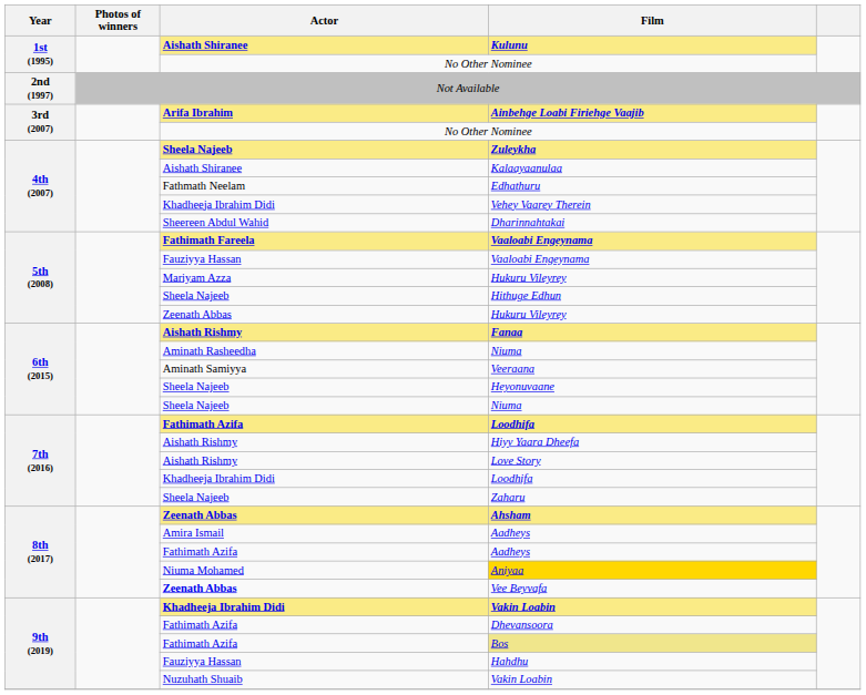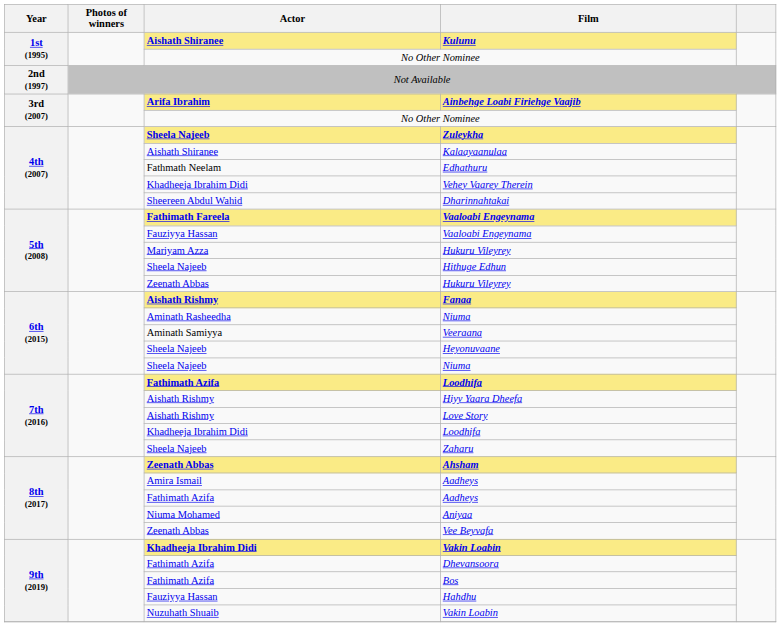 <table class="wikitable sortable" style="width:75%; text-align:left;">
 <tr>
 <th scope="col" style="width:3%; text-align:center;">Year</th>
 <th scope="col" style="width:3%;text-align:center;">Photos of winners</th>
 <th scope="col" style="width:15%;text-align:center;">Actor</th>
 <th scope="col" style="width:15%;text-align:center;">Film</th>
 <th scope="col" style="width:2%" class="unsortable"></th>
 </tr>
 <tr>
 <th scope="row" rowspan=2 style="text-align:center"><a href='#'>1st</a><br><small>(1995)</small></th>
 <td rowspan=2 style="text-align:center"></td>
 <td style="background:#FAEB86;"><strong><a href='#'>Aishath Shiranee</a></strong></td>
 <td style="background:#FAEB86;"><strong><em><a href='#'>Kulunu</a></em></strong></td>
 <td rowspan=2 style="text-align: center;"></td>
 </tr>
 <tr>
 <td colspan=2 style="text-align:center"><em>No Other Nominee</em></td>
 </tr>
 <tr>
 <th scope="row" style="text-align:center">2nd<br><small>(1997)</small></th>
 <td bgcolor="#C0C0C0" align="center" colspan="4"><em>Not Available</em></td>
 </tr>
 <tr>
 <th scope="row" rowspan=2 style="text-align:center">3rd<br><small>(2007)</small></th>
 <td rowspan=2 style="text-align:center"></td>
 <td style="background:#FAEB86;"><strong><a href='#'>Arifa Ibrahim</a></strong></td>
 <td style="background:#FAEB86;"><strong><em><a href='#'>Ainbehge Loabi Firiehge Vaajib</a></em></strong></td>
 <td rowspan=2 style="text-align: center;"></td>
 </tr>
 <tr>
 <td colspan=2 style="text-align:center"><em>No Other Nominee</em></td>
 </tr>
 <tr>
 <th scope="row" rowspan=5 style="text-align:center"><a href='#'>4th</a><br><small>(2007)</small></th>
 <td rowspan=5 style="text-align:center"></td>
 <td style="background:#FAEB86;"><strong><a href='#'>Sheela Najeeb</a></strong></td>
 <td style="background:#FAEB86;"><strong><em><a href='#'>Zuleykha</a></em></strong></td>
 <td rowspan=5 style="text-align: center;"></td>
 </tr>
 <tr>
 <td><a href='#'>Aishath Shiranee</a></td>
 <td><em><a href='#'>Kalaayaanulaa</a></em></td>
 </tr>
 <tr>
 <td>Fathmath Neelam</td>
 <td><em><a href='#'>Edhathuru</a></em></td>
 </tr>
 <tr>
 <td><a href='#'>Khadheeja Ibrahim Didi</a></td>
 <td><em><a href='#'>Vehey Vaarey Therein</a></em></td>
 </tr>
 <tr>
 <td><a href='#'>Sheereen Abdul Wahid</a></td>
 <td><em><a href='#'>Dharinnahtakai</a></em></td>
 </tr>
 <tr>
 <th scope="row" rowspan=5 style="text-align:center"><a href='#'>5th</a><br><small>(2008)</small></th>
 <td rowspan=5 style="text-align:center"></td>
 <td style="background:#FAEB86;"><strong><a href='#'>Fathimath Fareela</a></strong></td>
 <td style="background:#FAEB86;"><strong><em><a href='#'>Vaaloabi Engeynama</a></em></strong></td>
 <td rowspan=5 style="text-align: center;"></td>
 </tr>
 <tr>
 <td><a href='#'>Fauziyya Hassan</a></td>
 <td><em><a href='#'>Vaaloabi Engeynama</a></em></td>
 </tr>
 <tr>
 <td><a href='#'>Mariyam Azza</a></td>
 <td><em><a href='#'>Hukuru Vileyrey</a></em></td>
 </tr>
 <tr>
 <td><a href='#'>Sheela Najeeb</a></td>
 <td><em><a href='#'>Hithuge Edhun</a></em></td>
 </tr>
 <tr>
 <td><a href='#'>Zeenath Abbas</a></td>
 <td><em><a href='#'>Hukuru Vileyrey</a></em></td>
 </tr>
 <tr>
 <th scope="row" rowspan=5 style="text-align:center"><a href='#'>6th</a><br><small>(2015)</small></th>
 <td rowspan=5 style="text-align:center"></td>
 <td style="background:#FAEB86;"><strong><a href='#'>Aishath Rishmy</a></strong></td>
 <td style="background:#FAEB86;"><strong><em><a href='#'>Fanaa</a></em></strong></td>
 <td rowspan=5 style="text-align: center;"></td>
 </tr>
 <tr>
 <td><a href='#'>Aminath Rasheedha</a></td>
 <td><em><a href='#'>Niuma</a></em></td>
 </tr>
 <tr>
 <td>Aminath Samiyya</td>
 <td><em><a href='#'>Veeraana</a></em></td>
 </tr>
 <tr>
 <td><a href='#'>Sheela Najeeb</a></td>
 <td><em><a href='#'>Heyonuvaane</a></em></td>
 </tr>
 <tr>
 <td><a href='#'>Sheela Najeeb</a></td>
 <td><em><a href='#'>Niuma</a></em></td>
 </tr>
 <tr>
 <th scope="row" rowspan=5 style="text-align:center"><a href='#'>7th</a><br><small>(2016)</small></th>
 <td rowspan=5 style="text-align:center"></td>
 <td style="background:#FAEB86;"><strong><a href='#'>Fathimath Azifa</a></strong></td>
 <td style="background:#FAEB86;"><strong><em><a href='#'>Loodhifa</a></em></strong></td>
 <td rowspan=5 style="text-align: center;"></td>
 </tr>
 <tr>
 <td><a href='#'>Aishath Rishmy</a></td>
 <td><em><a href='#'>Hiyy Yaara Dheefa</a></em></td>
 </tr>
 <tr>
 <td><a href='#'>Aishath Rishmy</a></td>
 <td><em><a href='#'>Love Story</a></em></td>
 </tr>
 <tr>
 <td><a href='#'>Khadheeja Ibrahim Didi</a></td>
 <td><em><a href='#'>Loodhifa</a></em></td>
 </tr>
 <tr>
 <td><a href='#'>Sheela Najeeb</a></td>
 <td><em><a href='#'>Zaharu</a></em></td>
 </tr>
 <tr>
 <th scope="row" rowspan=5 style="text-align:center"><a href='#'>8th</a><br><small>(2017)</small></th>
 <td rowspan=5 style="text-align:center"></td>
 <td style="background:#FAEB86;"><strong><a href='#'>Zeenath Abbas</a></strong></td>
 <td style="background:#FAEB86;"><strong><em><a href='#'>Ahsham</a></em></strong></td>
 <td rowspan=5 style="text-align: center;"></td>
 </tr>
 <tr>
 <td><a href='#'>Amira Ismail</a></td>
 <td><em><a href='#'>Aadheys</a></em></td>
 </tr>
 <tr>
 <td><a href='#'>Fathimath Azifa</a></td>
 <td><em><a href='#'>Aadheys</a></em></td>
 </tr>
 <tr>
 <td><a href='#'>Niuma Mohamed</a></td>
-<td style="background: gold;"><em><a href='#'>Aniyaa</a></em></td>
+<td><em><a href='#'>Aniyaa</a></em></td>
 </tr>
 <tr>
-<td><strong><a href='#'>Zeenath Abbas</a></strong></td>
+<td><a href='#'>Zeenath Abbas</a></td>
 <td><em><a href='#'>Vee Beyvafa</a></em></td>
 </tr>
 <tr>
 <th scope="row" rowspan=5 style="text-align:center"><a href='#'>9th</a><br><small>(2019)</small></th>
 <td rowspan=5 style="text-align:center"></td>
 <td style="background:#FAEB86;"><strong><a href='#'>Khadheeja Ibrahim Didi</a></strong></td>
 <td style="background:#FAEB86;"><strong><em><a href='#'>Vakin Loabin</a></em></strong></td>
 <td rowspan=5 style="text-align: center;"></td>
 </tr>
 <tr>
 <td><a href='#'>Fathimath Azifa</a></td>
 <td><em><a href='#'>Dhevansoora</a></em></td>
 </tr>
 <tr>
 <td><a href='#'>Fathimath Azifa</a></td>
-<td style="background: khaki;"><em><a href='#'>Bos</a></em></td>
+<td><em><a href='#'>Bos</a></em></td>
 </tr>
 <tr>
 <td><a href='#'>Fauziyya Hassan</a></td>
 <td><em><a href='#'>Hahdhu</a></em></td>
 </tr>
 <tr>
 <td><a href='#'>Nuzuhath Shuaib</a></td>
 <td><em><a href='#'>Vakin Loabin</a></em></td>
 </tr>
 <tr>
 </tr>
 </table>
